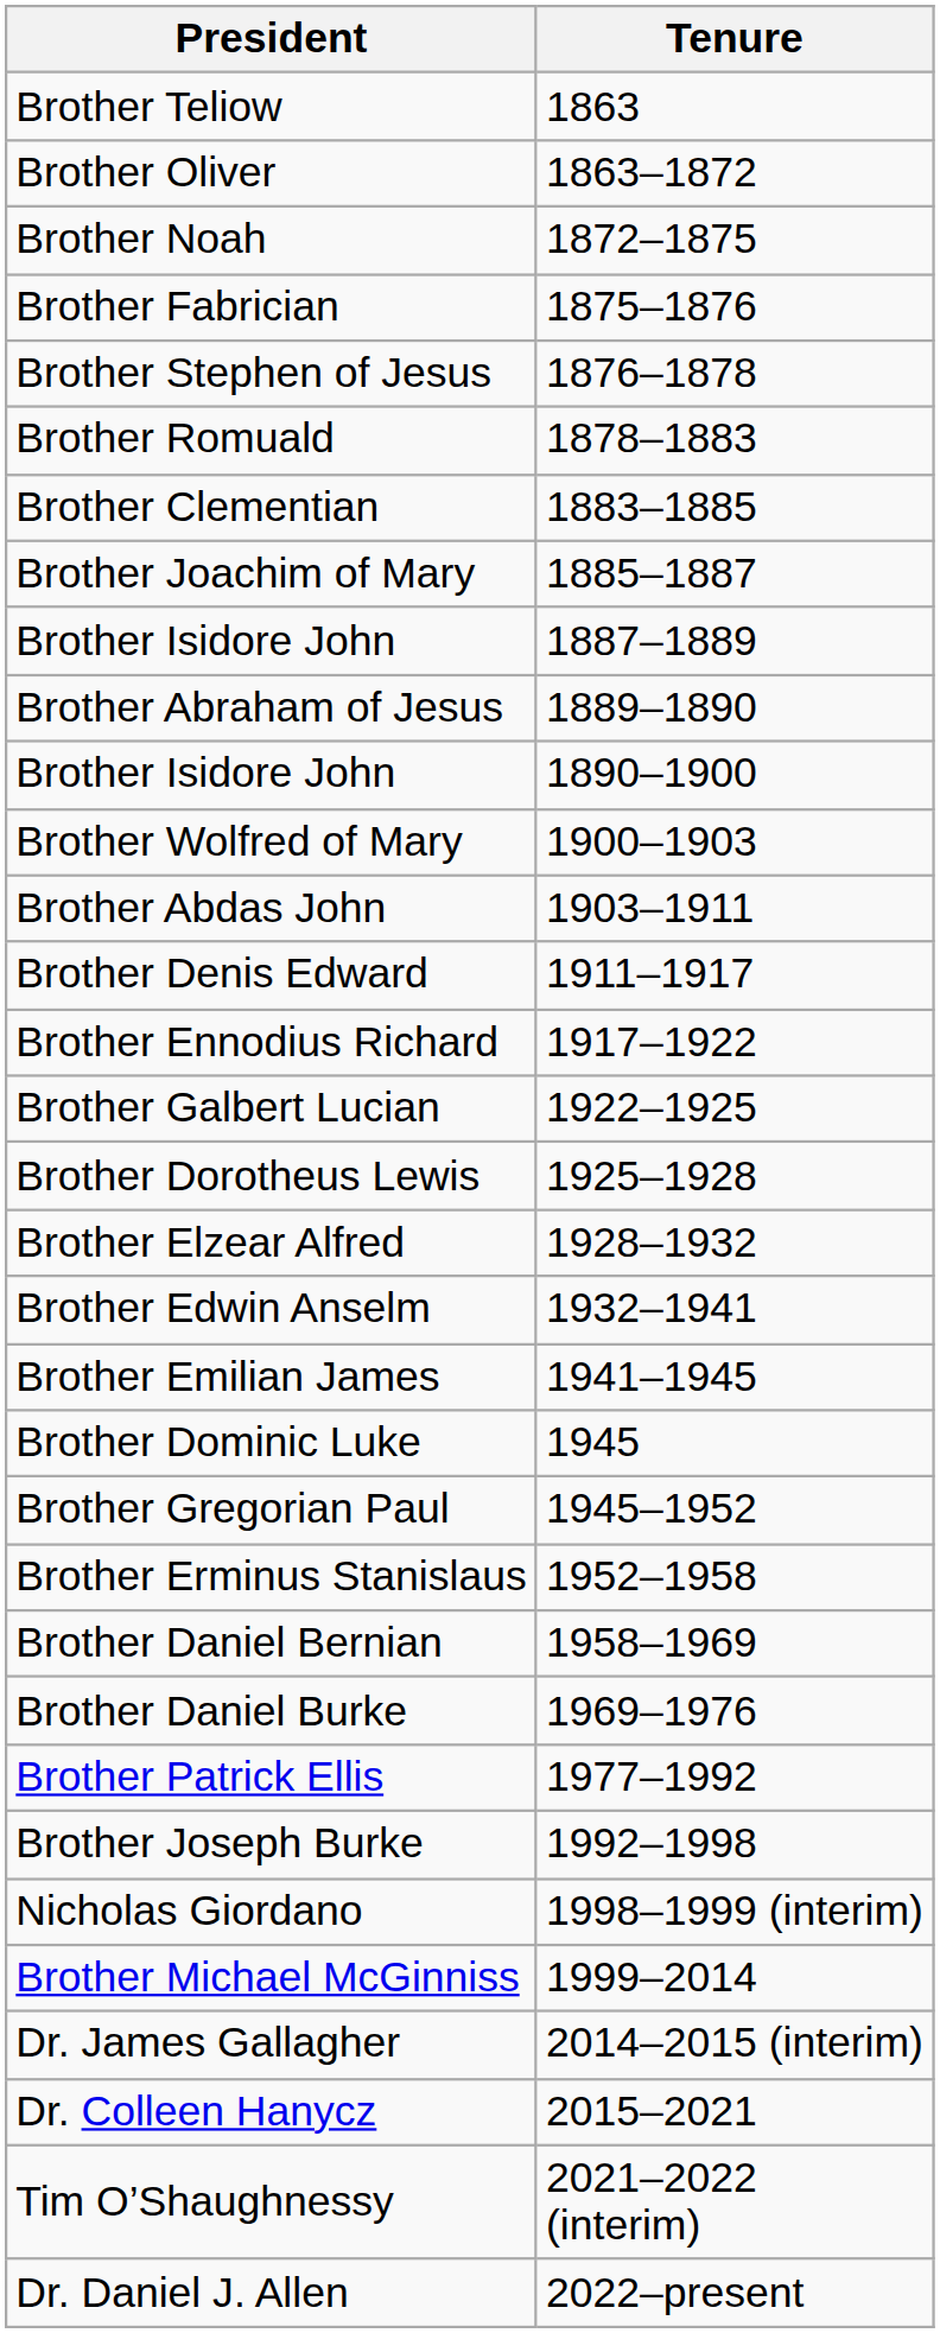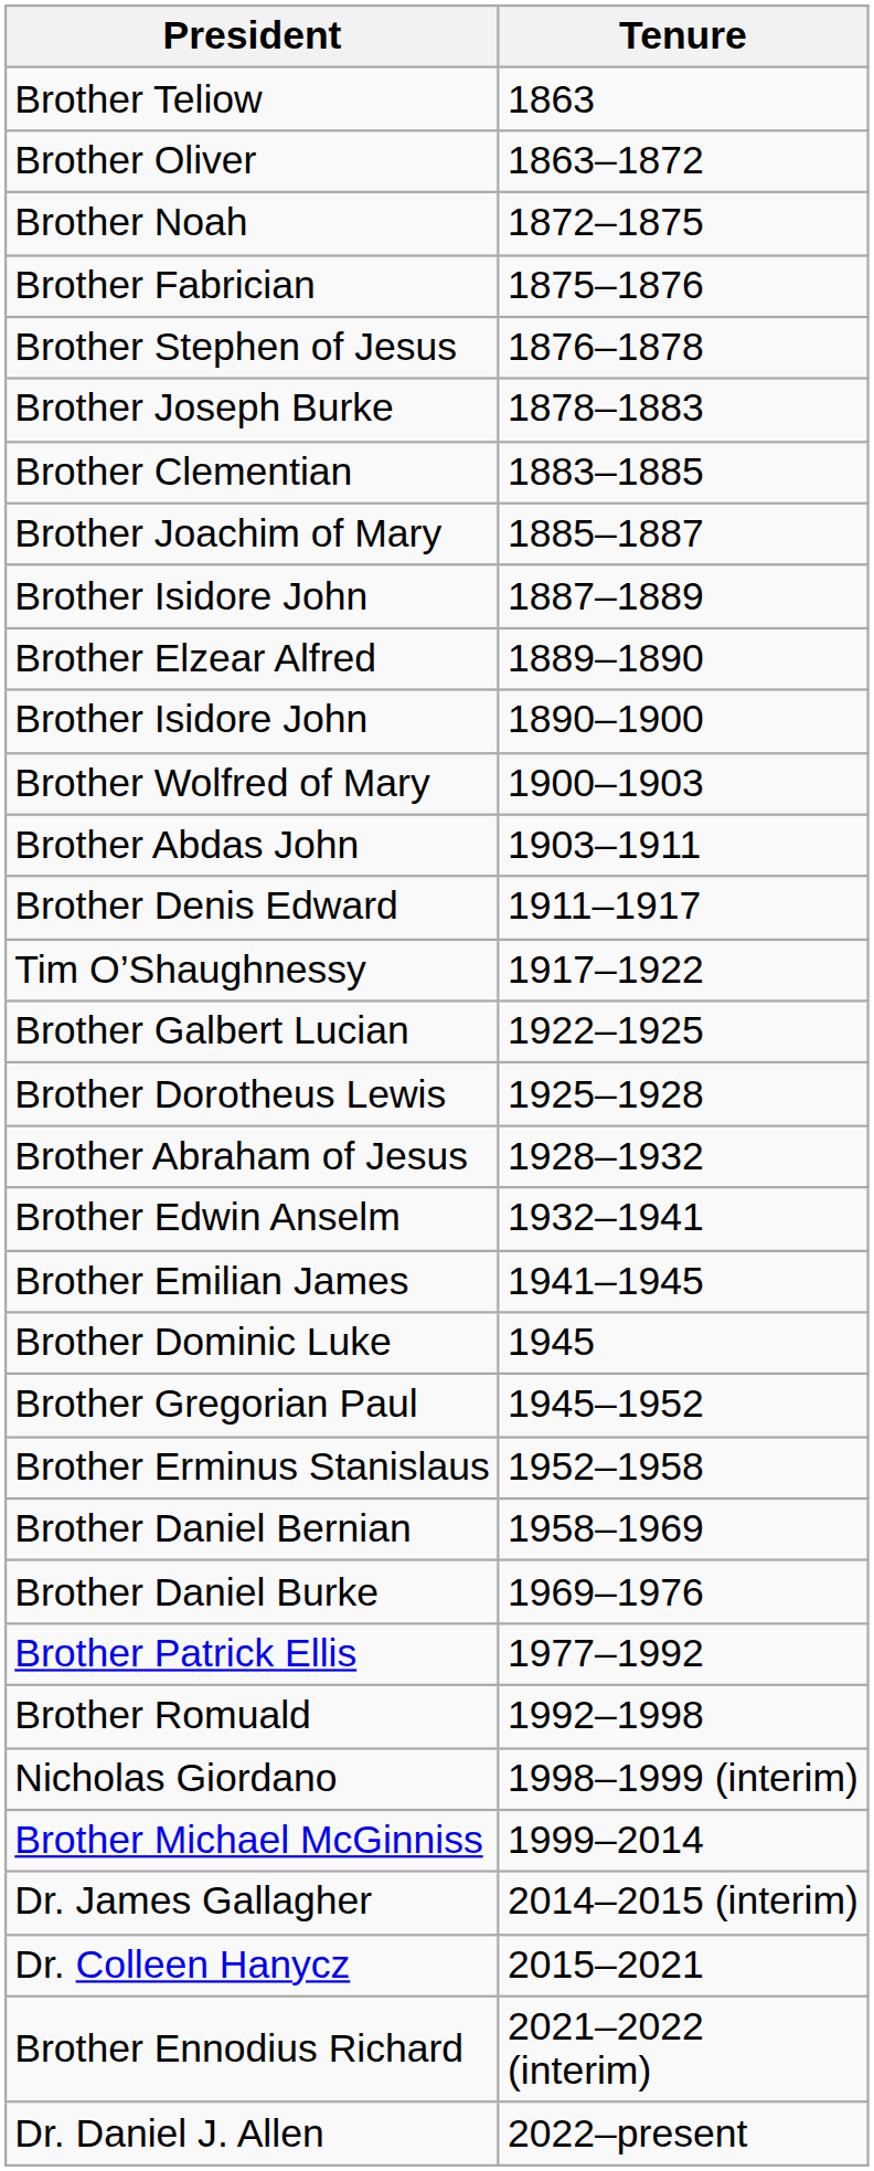 <table class="wikitable">
 <tr>
 <th>President</th>
 <th>Tenure</th>
 </tr>
 <tr>
 <td>Brother Teliow</td>
 <td>1863</td>
 </tr>
 <tr>
 <td>Brother Oliver</td>
 <td>1863–1872</td>
 </tr>
 <tr>
 <td>Brother Noah</td>
 <td>1872–1875</td>
 </tr>
 <tr>
 <td>Brother Fabrician</td>
 <td>1875–1876</td>
 </tr>
 <tr>
 <td>Brother Stephen of Jesus</td>
 <td>1876–1878</td>
 </tr>
 <tr>
-<td>Brother Romuald</td>
+<td>Brother Joseph Burke</td>
 <td>1878–1883</td>
 </tr>
 <tr>
 <td>Brother Clementian</td>
 <td>1883–1885</td>
 </tr>
 <tr>
 <td>Brother Joachim of Mary</td>
 <td>1885–1887</td>
 </tr>
 <tr>
 <td>Brother Isidore John</td>
 <td>1887–1889</td>
 </tr>
 <tr>
-<td>Brother Abraham of Jesus</td>
+<td>Brother Elzear Alfred</td>
 <td>1889–1890</td>
 </tr>
 <tr>
 <td>Brother Isidore John</td>
 <td>1890–1900</td>
 </tr>
 <tr>
 <td>Brother Wolfred of Mary</td>
 <td>1900–1903</td>
 </tr>
 <tr>
 <td>Brother Abdas John</td>
 <td>1903–1911</td>
 </tr>
 <tr>
 <td>Brother Denis Edward</td>
 <td>1911–1917</td>
 </tr>
 <tr>
-<td>Brother Ennodius Richard</td>
+<td>Tim O’Shaughnessy</td>
 <td>1917–1922</td>
 </tr>
 <tr>
 <td>Brother Galbert Lucian</td>
 <td>1922–1925</td>
 </tr>
 <tr>
 <td>Brother Dorotheus Lewis</td>
 <td>1925–1928</td>
 </tr>
 <tr>
-<td>Brother Elzear Alfred</td>
+<td>Brother Abraham of Jesus</td>
 <td>1928–1932</td>
 </tr>
 <tr>
 <td>Brother Edwin Anselm</td>
 <td>1932–1941</td>
 </tr>
 <tr>
 <td>Brother Emilian James</td>
 <td>1941–1945</td>
 </tr>
 <tr>
 <td>Brother Dominic Luke</td>
 <td>1945</td>
 </tr>
 <tr>
 <td>Brother Gregorian Paul</td>
 <td>1945–1952</td>
 </tr>
 <tr>
 <td>Brother Erminus Stanislaus</td>
 <td>1952–1958</td>
 </tr>
 <tr>
 <td>Brother Daniel Bernian</td>
 <td>1958–1969</td>
 </tr>
 <tr>
 <td>Brother Daniel Burke</td>
 <td>1969–1976</td>
 </tr>
 <tr>
 <td><a href='#'>Brother Patrick Ellis</a></td>
 <td>1977–1992</td>
 </tr>
 <tr>
-<td>Brother Joseph Burke</td>
+<td>Brother Romuald</td>
 <td>1992–1998</td>
 </tr>
 <tr>
 <td>Nicholas Giordano</td>
 <td>1998–1999 (interim)</td>
 </tr>
 <tr>
 <td><a href='#'>Brother Michael McGinniss</a></td>
 <td>1999–2014</td>
 </tr>
 <tr>
 <td>Dr. James Gallagher</td>
 <td>2014–2015 (interim)</td>
 </tr>
 <tr>
 <td>Dr. <a href='#'>Colleen Hanycz</a></td>
 <td>2015–2021</td>
 </tr>
 <tr>
-<td>Tim O’Shaughnessy</td>
+<td>Brother Ennodius Richard</td>
 <td>2021–2022<br>(interim)</td>
 </tr>
 <tr>
 <td>Dr. Daniel J. Allen</td>
 <td>2022–present</td>
 </tr>
 </table>
